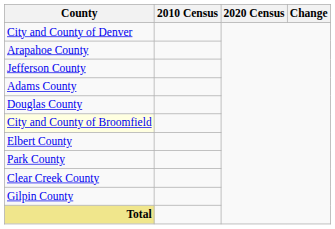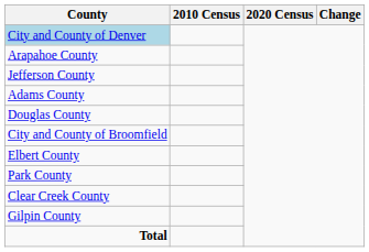 <table class="wikitable sortable">
 <tr>
 <th>County</th>
 <th>2010 Census</th>
 <th>2020 Census</th>
 <th>Change</th>
 </tr>
 <tr>
-<td><a href='#'>City and County of Denver</a></td>
+<td style="background: lightblue;"><a href='#'>City and County of Denver</a></td>
 <td></td>
 </tr>
 <tr>
 <td><a href='#'>Arapahoe County</a></td>
 <td></td>
 </tr>
 <tr>
 <td><a href='#'>Jefferson County</a></td>
 <td></td>
 </tr>
 <tr>
 <td><a href='#'>Adams County</a></td>
 <td></td>
 </tr>
 <tr>
 <td><a href='#'>Douglas County</a></td>
 <td></td>
 </tr>
 <tr>
-<td style="background: lightyellow;"><a href='#'>City and County of Broomfield</a></td>
+<td><a href='#'>City and County of Broomfield</a></td>
 <td></td>
 </tr>
 <tr>
 <td><a href='#'>Elbert County</a></td>
 <td></td>
 </tr>
 <tr>
 <td><a href='#'>Park County</a></td>
 <td></td>
 </tr>
 <tr>
 <td><a href='#'>Clear Creek County</a></td>
 <td></td>
 </tr>
 <tr>
 <td><a href='#'>Gilpin County</a></td>
 <td></td>
 </tr>
 <tr class=sortbottom>
-<td align=right style="background: khaki;"><strong>Total</strong></td>
+<td align=right><strong>Total</strong></td>
 <td></td>
 </tr>
 </table>
